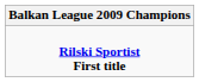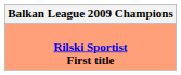 <table class=wikitable style="text-align:center; margin:auto">
 <tr>
 <th>Balkan League 2009 Champions</th>
 </tr>
 <tr>
-<td><br> <strong><a href='#'>Rilski Sportist</a></strong> <br> <strong>First title</strong></td>
+<td style="background: lightsalmon;"><br> <strong><a href='#'>Rilski Sportist</a></strong> <br> <strong>First title</strong></td>
 </tr>
 </table>
